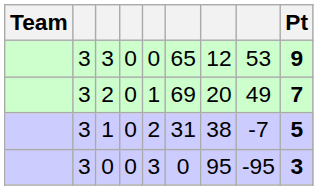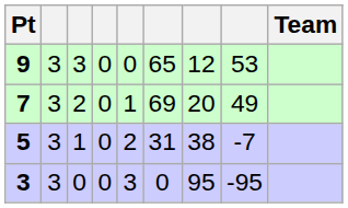 <table class="wikitable" style="text-align: center;">
 <tr>
-<th>Team</th>
+<th>Pt</th>
 <th></th>
 <th></th>
 <th></th>
 <th></th>
 <th></th>
 <th></th>
 <th></th>
-<th>Pt</th>
+<th>Team</th>
 </tr>
 <tr bgcolor="ccffcc">
-<td align="left"></td>
+<td><strong>9</strong></td>
 <td>3</td>
 <td>3</td>
 <td>0</td>
 <td>0</td>
 <td>65</td>
 <td>12</td>
 <td>53</td>
-<td><strong>9</strong></td>
+<td align="left"></td>
 </tr>
 <tr bgcolor="ccffcc">
-<td align="left"></td>
+<td><strong>7</strong></td>
 <td>3</td>
 <td>2</td>
 <td>0</td>
 <td>1</td>
 <td>69</td>
 <td>20</td>
 <td>49</td>
-<td><strong>7</strong></td>
+<td align="left"></td>
 </tr>
 <tr bgcolor="ccccff">
-<td align="left"></td>
+<td><strong>5</strong></td>
 <td>3</td>
 <td>1</td>
 <td>0</td>
 <td>2</td>
 <td>31</td>
 <td>38</td>
 <td>-7</td>
-<td><strong>5</strong></td>
+<td align="left"></td>
 </tr>
 <tr bgcolor="ccccff">
-<td align="left"></td>
+<td><strong>3</strong></td>
 <td>3</td>
 <td>0</td>
 <td>0</td>
 <td>3</td>
 <td>0</td>
 <td>95</td>
 <td>-95</td>
-<td><strong>3</strong></td>
+<td align="left"></td>
 </tr>
 </table>
